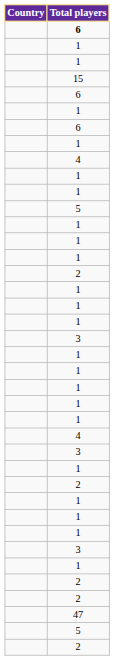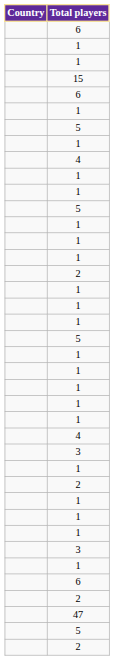 <table class="wikitable sortable" style="text-align:center">
 <tr>
 <th style="background-color:#5E299A; color:#FFFFFF; border:2px solid #F8E196;" scope="col">Country</th>
 <th style="background-color:#5E299A; color:#FFFFFF; border:2px solid #F8E196;" scope="col">Total players</th>
 </tr>
 <tr>
 <td align="left"></td>
-<td><strong>6</strong></td>
+<td>6</td>
 </tr>
 <tr>
 <td align="left"></td>
 <td>1</td>
 </tr>
 <tr>
 <td align="left"></td>
 <td>1</td>
 </tr>
 <tr>
 <td align="left"></td>
 <td>15</td>
 </tr>
 <tr>
 <td align="left"></td>
 <td>6</td>
 </tr>
 <tr>
 <td align="left"></td>
 <td>1</td>
 </tr>
 <tr>
 <td align="left"></td>
-<td>6</td>
+<td>5</td>
 </tr>
 <tr>
 <td align="left"></td>
 <td>1</td>
 </tr>
 <tr>
 <td align="left"></td>
 <td>4</td>
 </tr>
 <tr>
 <td align="left"></td>
 <td>1</td>
 </tr>
 <tr>
 <td align="left"></td>
 <td>1</td>
 </tr>
 <tr>
 <td align="left"></td>
 <td>5</td>
 </tr>
 <tr>
 <td align="left"></td>
 <td>1</td>
 </tr>
 <tr>
 <td align="left"></td>
 <td>1</td>
 </tr>
 <tr>
 <td align="left"></td>
 <td>1</td>
 </tr>
 <tr>
 <td align="left"></td>
 <td>2</td>
 </tr>
 <tr>
 <td align="left"></td>
 <td>1</td>
 </tr>
 <tr>
 <td align="left"></td>
 <td>1</td>
 </tr>
 <tr>
 <td align="left"></td>
 <td>1</td>
 </tr>
 <tr>
 <td align="left"></td>
-<td>3</td>
+<td>5</td>
 </tr>
 <tr>
 <td align="left"></td>
 <td>1</td>
 </tr>
 <tr>
 <td align="left"></td>
 <td>1</td>
 </tr>
 <tr>
 <td align="left"></td>
 <td>1</td>
 </tr>
 <tr>
 <td align="left"></td>
 <td>1</td>
 </tr>
 <tr>
 <td align="left"></td>
 <td>1</td>
 </tr>
 <tr>
 <td align="left"></td>
 <td>4</td>
 </tr>
 <tr>
 <td align="left"></td>
 <td>3</td>
 </tr>
 <tr>
 <td align="left"></td>
 <td>1</td>
 </tr>
 <tr>
 <td align="left"></td>
 <td>2</td>
 </tr>
 <tr>
 <td align="left"></td>
 <td>1</td>
 </tr>
 <tr>
 <td align="left"></td>
 <td>1</td>
 </tr>
 <tr>
 <td align="left"></td>
 <td>1</td>
 </tr>
 <tr>
 <td align="left"></td>
 <td>3</td>
 </tr>
 <tr>
 <td align="left"></td>
 <td>1</td>
 </tr>
 <tr>
 <td align="left"></td>
-<td>2</td>
+<td>6</td>
 </tr>
 <tr>
 <td align="left"></td>
 <td>2</td>
 </tr>
 <tr>
 <td align="left"></td>
 <td>47</td>
 </tr>
 <tr>
 <td align="left"></td>
 <td>5</td>
 </tr>
 <tr>
 <td align="left"></td>
 <td>2</td>
 </tr>
 </table>
